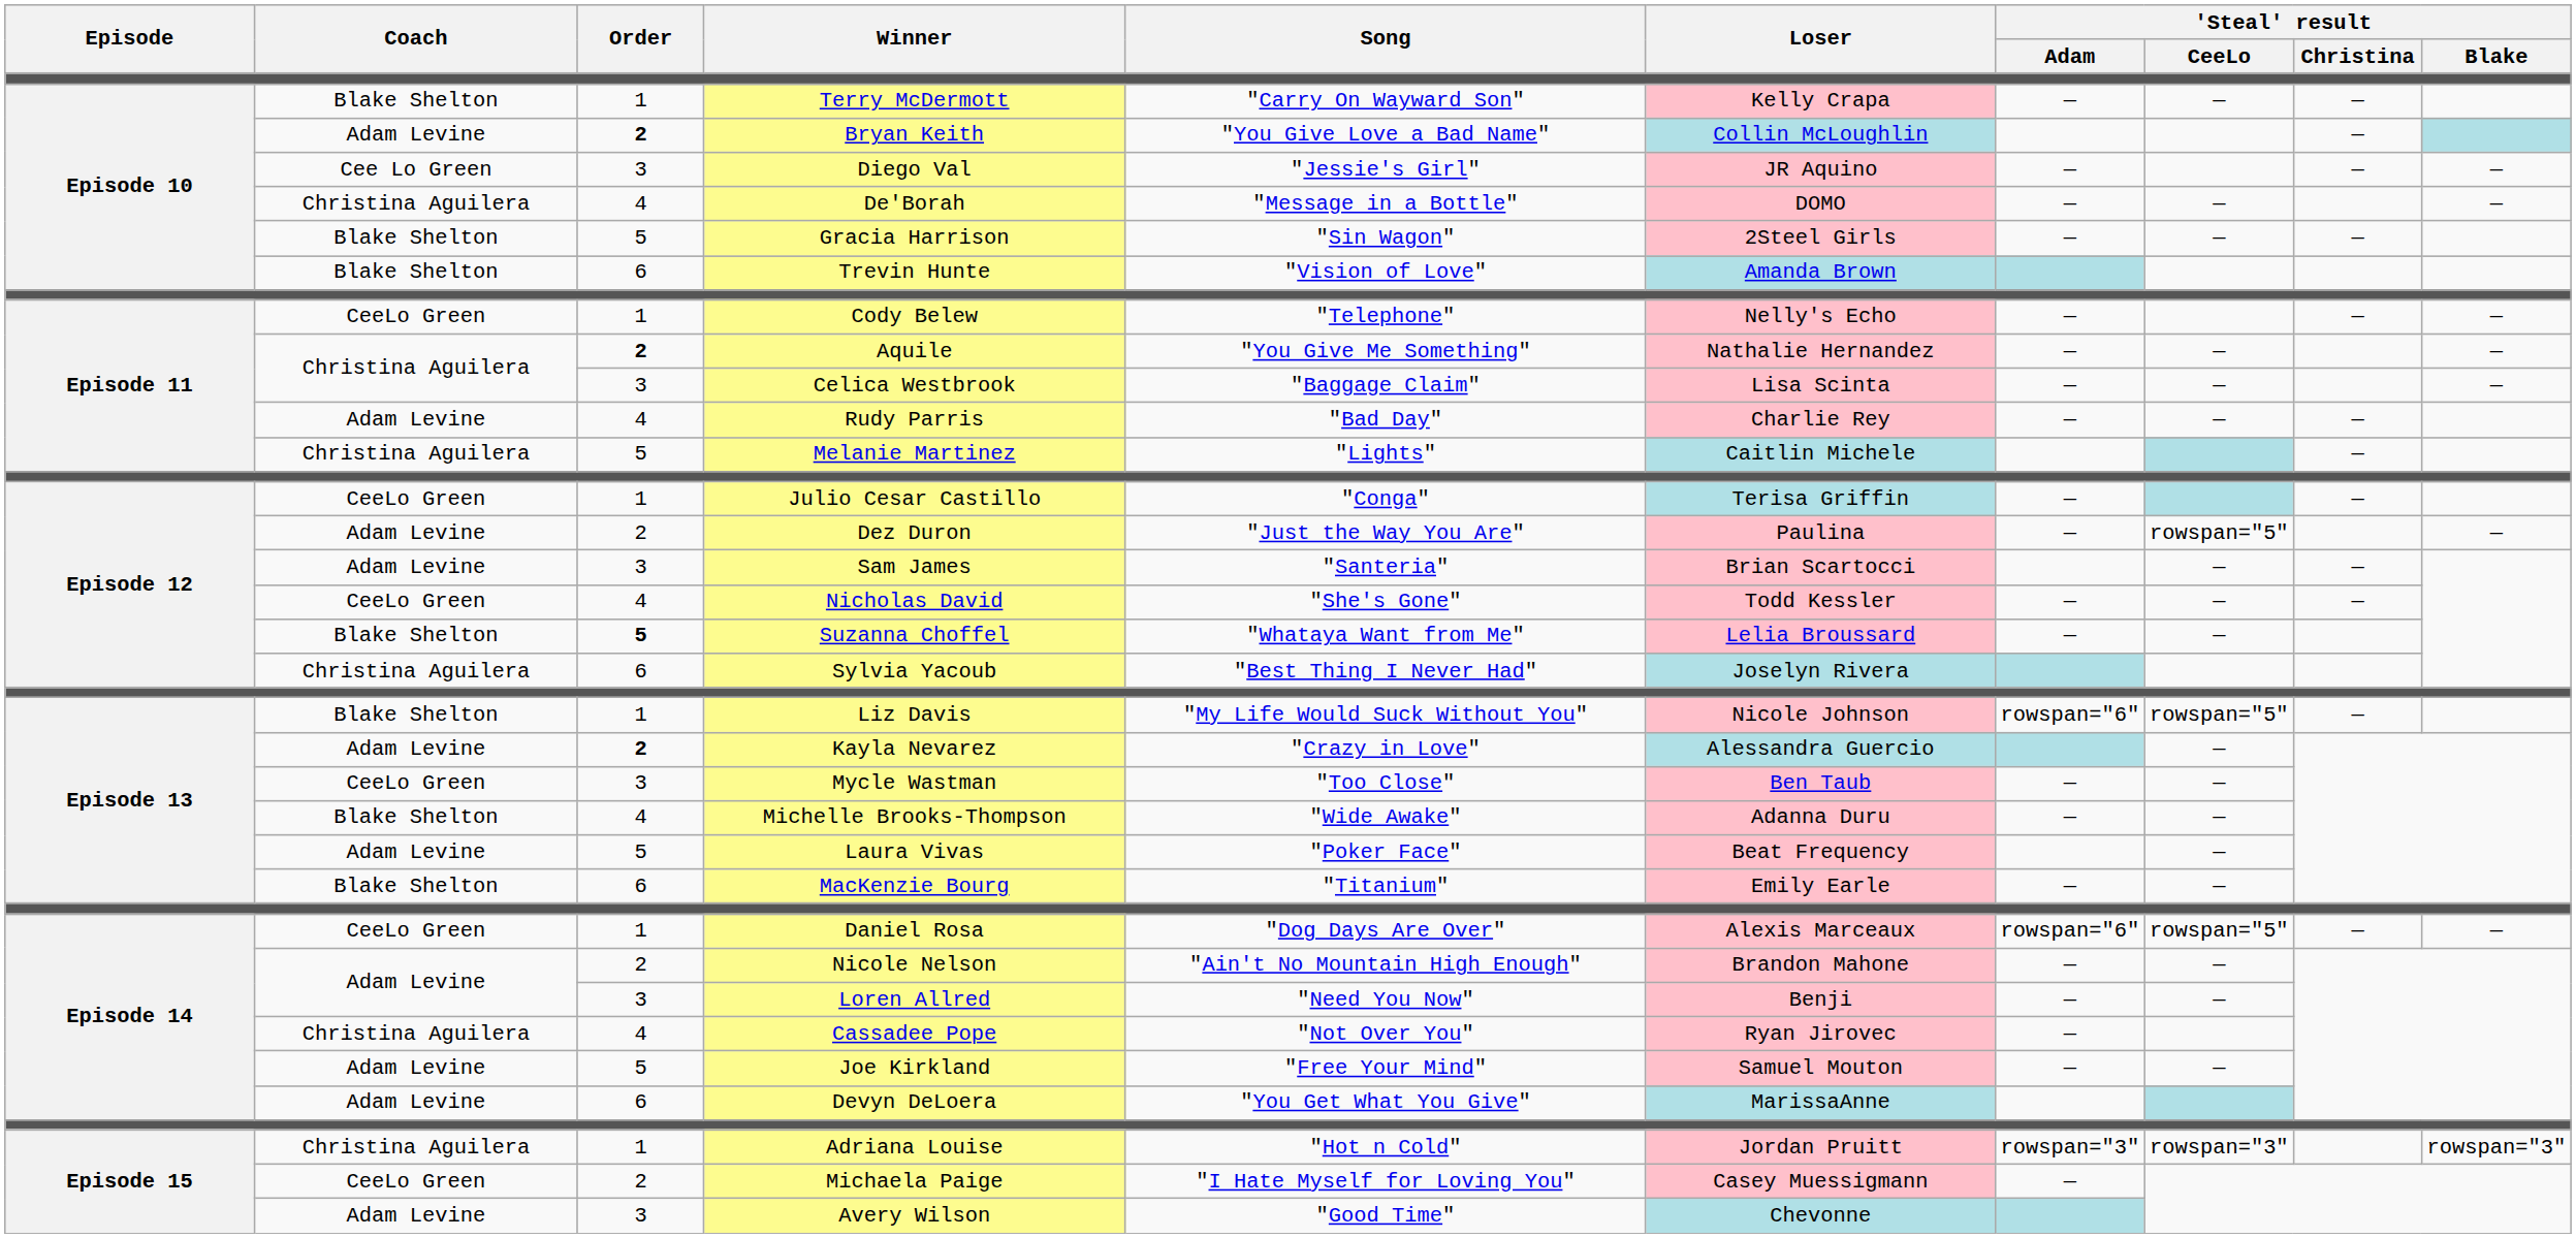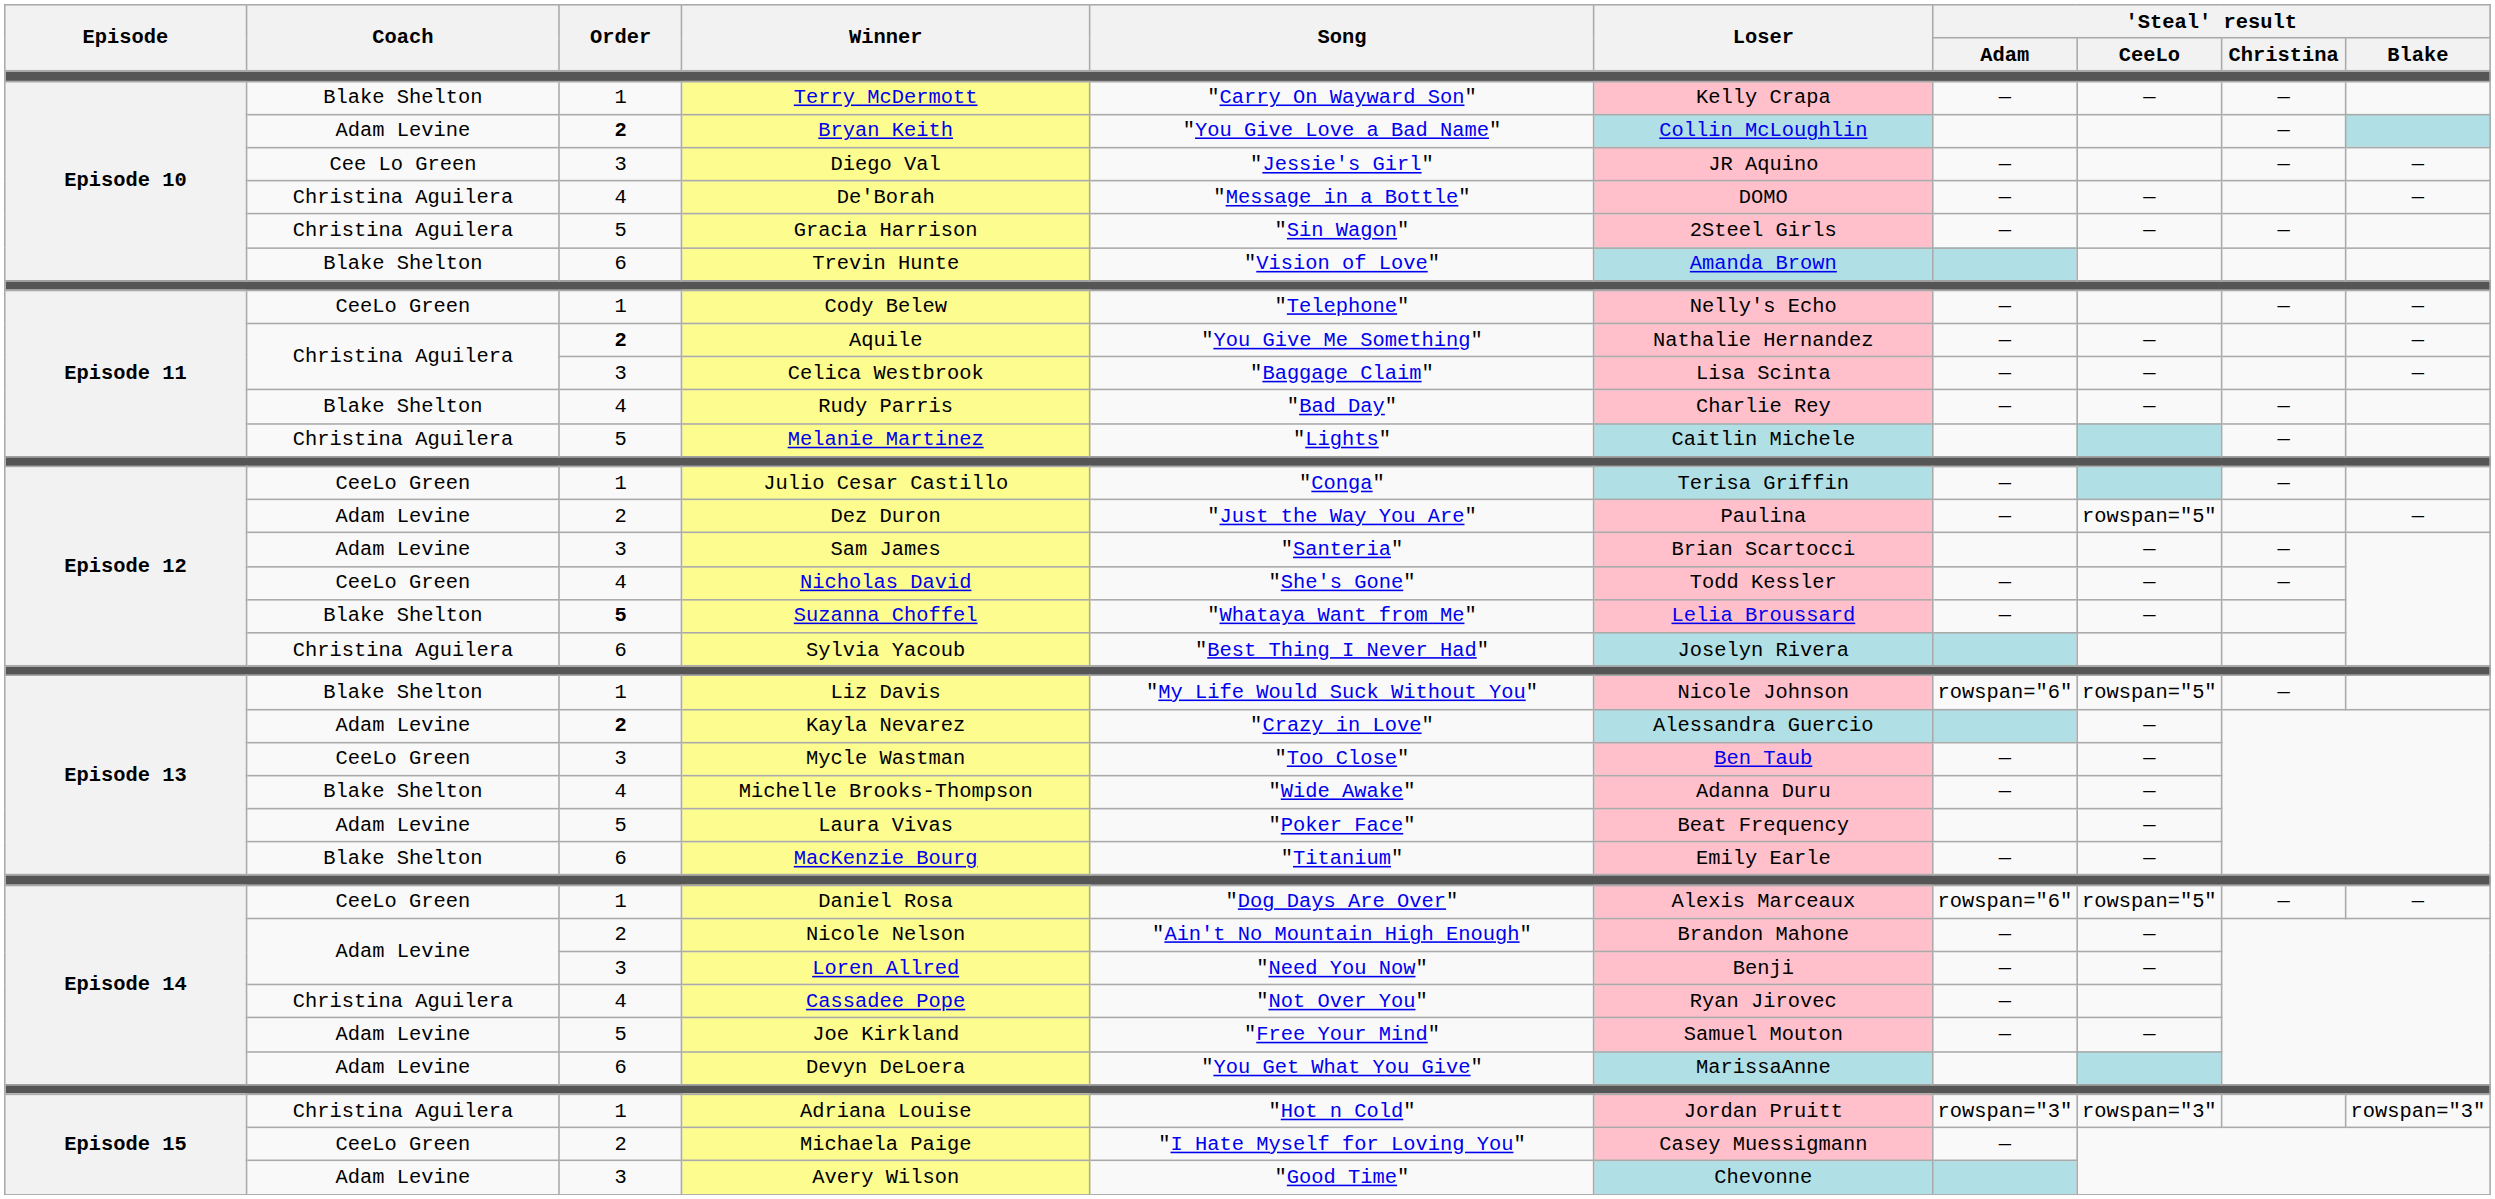 <table class="wikitable" style="text-align: center; width:100%;">
 <tr>
 <th rowspan="2" width="10%">Episode</th>
 <th rowspan="2" width="13%">Coach</th>
 <th rowspan="2" width="05%">Order</th>
 <th rowspan="2" width="17%">Winner</th>
 <th rowspan="2" width="21%">Song</th>
 <th rowspan="2" width="14%">Loser</th>
 <th colspan="4" width="20%">'Steal' result</th>
 </tr>
 <tr>
 <th width="05%">Adam</th>
 <th width="05%">CeeLo</th>
 <th width="05%">Christina</th>
 <th width="05%">Blake</th>
 </tr>
 <tr>
 <td colspan="10" style="background:#555555;"></td>
 </tr>
 <tr>
 <th rowspan="6">Episode 10<br><small></small></th>
 <td>Blake Shelton</td>
 <td>1</td>
 <td style="background:#fdfc8f;"><a href='#'>Terry McDermott</a></td>
 <td>"<a href='#'>Carry On Wayward Son</a>"</td>
 <td style="background:pink">Kelly Crapa</td>
 <td>—</td>
 <td>—</td>
 <td>—</td>
 <td></td>
 </tr>
 <tr>
 <td>Adam Levine</td>
 <td><strong>2</strong></td>
 <td style="background:#fdfc8f;"><a href='#'>Bryan Keith</a></td>
 <td>"<a href='#'>You Give Love a Bad Name</a>"</td>
 <td style="background:#B0E0E6;"><a href='#'>Collin McLoughlin</a></td>
 <td></td>
 <td><strong></strong></td>
 <td>—</td>
 <td style="background:#B0E0E6;"><strong></strong></td>
 </tr>
 <tr>
 <td>Cee Lo Green</td>
 <td>3</td>
 <td style="background:#fdfc8f;">Diego Val</td>
 <td>"<a href='#'>Jessie's Girl</a>"</td>
 <td style="background:pink">JR Aquino</td>
 <td>—</td>
 <td></td>
 <td>—</td>
 <td>—</td>
 </tr>
 <tr>
 <td>Christina Aguilera</td>
 <td>4</td>
 <td style="background:#fdfc8f;">De'Borah</td>
 <td>"<a href='#'>Message in a Bottle</a>"</td>
 <td style="background:pink">DOMO</td>
 <td>—</td>
 <td>—</td>
 <td></td>
 <td>—</td>
 </tr>
 <tr>
-<td>Blake Shelton</td>
+<td>Christina Aguilera</td>
 <td>5</td>
 <td style="background:#fdfc8f;">Gracia Harrison</td>
 <td>"<a href='#'>Sin Wagon</a>"</td>
 <td style="background:pink">2Steel Girls</td>
 <td>—</td>
 <td>—</td>
 <td>—</td>
 <td></td>
 </tr>
 <tr>
 <td>Blake Shelton</td>
 <td>6</td>
 <td style="background:#fdfc8f;">Trevin Hunte</td>
 <td>"<a href='#'>Vision of Love</a>"</td>
 <td style="background:#B0E0E6;"><a href='#'>Amanda Brown</a></td>
 <td style="background:#B0E0E6;"><strong></strong></td>
 <td></td>
 <td><strong></strong></td>
 <td><strong></strong></td>
 </tr>
 <tr>
 <td colspan="10" style="background:#555555;"></td>
 </tr>
 <tr>
 <th rowspan="5">Episode 11<br><small></small></th>
 <td>CeeLo Green</td>
 <td>1</td>
 <td style="background:#fdfc8f;">Cody Belew</td>
 <td>"<a href='#'>Telephone</a>"</td>
 <td style="background:pink">Nelly's Echo</td>
 <td>—</td>
 <td></td>
 <td>—</td>
 <td>—</td>
 </tr>
 <tr>
 <td rowspan="2">Christina Aguilera</td>
 <td><strong>2</strong></td>
 <td style="background:#fdfc8f;">Aquile</td>
 <td>"<a href='#'>You Give Me Something</a>"</td>
 <td style="background:pink">Nathalie Hernandez</td>
 <td>—</td>
 <td>—</td>
 <td></td>
 <td>—</td>
 </tr>
 <tr>
 <td>3</td>
 <td style="background:#fdfc8f;">Celica Westbrook</td>
 <td>"<a href='#'>Baggage Claim</a>"</td>
 <td style="background:pink">Lisa Scinta</td>
 <td>—</td>
 <td>—</td>
 <td></td>
 <td>—</td>
 </tr>
 <tr>
-<td>Adam Levine</td>
+<td>Blake Shelton</td>
 <td>4</td>
 <td style="background:#fdfc8f;">Rudy Parris</td>
 <td>"<a href='#'>Bad Day</a>"</td>
 <td style="background:pink">Charlie Rey</td>
 <td>—</td>
 <td>—</td>
 <td>—</td>
 <td></td>
 </tr>
 <tr>
 <td>Christina Aguilera</td>
 <td>5</td>
 <td style="background:#fdfc8f;"><a href='#'>Melanie Martinez</a></td>
 <td>"<a href='#'>Lights</a>"</td>
 <td style="background:#B0E0E6;">Caitlin Michele</td>
 <td></td>
 <td style="background:#B0E0E6;"><strong></strong></td>
 <td>—</td>
 <td><strong></strong></td>
 </tr>
 <tr>
 <td colspan="10" style="background:#555555;"></td>
 </tr>
 <tr>
 <th rowspan="6">Episode 12<br><small></small></th>
 <td>CeeLo Green</td>
 <td>1</td>
 <td style="background:#fdfc8f;">Julio Cesar Castillo</td>
 <td>"<a href='#'>Conga</a>"</td>
 <td style="background:#B0E0E6;">Terisa Griffin</td>
 <td>—</td>
 <td style="background:#B0E0E6;"><strong></strong></td>
 <td>—</td>
 <td></td>
 </tr>
 <tr>
 <td>Adam Levine</td>
 <td>2</td>
 <td style="background:#fdfc8f;">Dez Duron</td>
 <td>"<a href='#'>Just the Way You Are</a>"</td>
 <td style="background:pink">Paulina</td>
 <td>—</td>
 <td>rowspan="5" </td>
 <td></td>
 <td>—</td>
 </tr>
 <tr>
 <td>Adam Levine</td>
 <td>3</td>
 <td style="background:#fdfc8f;">Sam James</td>
 <td>"<a href='#'>Santeria</a>"</td>
 <td style="background:pink">Brian Scartocci</td>
 <td></td>
 <td>—</td>
 <td>—</td>
 </tr>
 <tr>
 <td>CeeLo Green</td>
 <td>4</td>
 <td style="background:#fdfc8f;"><a href='#'>Nicholas David</a></td>
 <td>"<a href='#'>She's Gone</a>"</td>
 <td style="background:pink">Todd Kessler</td>
 <td>—</td>
 <td>—</td>
 <td>—</td>
 </tr>
 <tr>
 <td>Blake Shelton</td>
 <td><strong>5</strong></td>
 <td style="background:#fdfc8f;"><a href='#'>Suzanna Choffel</a></td>
 <td>"<a href='#'>Whataya Want from Me</a>"</td>
 <td style="background:pink"><a href='#'>Lelia Broussard</a></td>
 <td>—</td>
 <td>—</td>
 <td></td>
 </tr>
 <tr>
 <td>Christina Aguilera</td>
 <td>6</td>
 <td style="background:#fdfc8f;">Sylvia Yacoub</td>
 <td>"<a href='#'>Best Thing I Never Had</a>"</td>
 <td style="background:#B0E0E6;">Joselyn Rivera</td>
 <td style="background:#B0E0E6;"><strong></strong></td>
 <td></td>
 <td><strong></strong></td>
 </tr>
 <tr>
 <td colspan="10" style="background:#555555;"></td>
 </tr>
 <tr>
 <th rowspan="6">Episode 13<br><small></small></th>
 <td>Blake Shelton</td>
 <td>1</td>
 <td style="background:#fdfc8f;">Liz Davis</td>
 <td>"<a href='#'>My Life Would Suck Without You</a>"</td>
 <td style="background:pink">Nicole Johnson</td>
 <td>rowspan="6" </td>
 <td>rowspan="5" </td>
 <td>—</td>
 <td></td>
 </tr>
 <tr>
 <td>Adam Levine</td>
 <td><strong>2</strong></td>
 <td style="background:#fdfc8f;">Kayla Nevarez</td>
 <td>"<a href='#'>Crazy in Love</a>"</td>
 <td style="background:#B0E0E6;">Alessandra Guercio</td>
 <td style="background:#B0E0E6;"><strong></strong></td>
 <td>—</td>
 </tr>
 <tr>
 <td>CeeLo Green</td>
 <td>3</td>
 <td style="background:#fdfc8f;">Mycle Wastman</td>
 <td>"<a href='#'>Too Close</a>"</td>
 <td style="background:pink"><a href='#'>Ben Taub</a></td>
 <td>—</td>
 <td>—</td>
 </tr>
 <tr>
 <td>Blake Shelton</td>
 <td>4</td>
 <td style="background:#fdfc8f;">Michelle Brooks-Thompson</td>
 <td>"<a href='#'>Wide Awake</a>"</td>
 <td style="background:pink">Adanna Duru</td>
 <td>—</td>
 <td>—</td>
 </tr>
 <tr>
 <td>Adam Levine</td>
 <td>5</td>
 <td style="background:#fdfc8f;">Laura Vivas</td>
 <td>"<a href='#'>Poker Face</a>"</td>
 <td style="background:pink">Beat Frequency</td>
 <td></td>
 <td>—</td>
 </tr>
 <tr>
 <td>Blake Shelton</td>
 <td>6</td>
 <td style="background:#fdfc8f;"><a href='#'>MacKenzie Bourg</a></td>
 <td>"<a href='#'>Titanium</a>"</td>
 <td style="background:pink">Emily Earle</td>
 <td>—</td>
 <td>—</td>
 </tr>
 <tr>
 <td colspan="10" style="background:#555555;"></td>
 </tr>
 <tr>
 <th rowspan="6">Episode 14<br><small></small></th>
 <td>CeeLo Green</td>
 <td>1</td>
 <td style="background:#fdfc8f;">Daniel Rosa</td>
 <td>"<a href='#'>Dog Days Are Over</a>"</td>
 <td style="background:pink">Alexis Marceaux</td>
 <td>rowspan="6" </td>
 <td>rowspan="5" </td>
 <td>—</td>
 <td>—</td>
 </tr>
 <tr>
 <td rowspan="2">Adam Levine</td>
 <td>2</td>
 <td style="background:#fdfc8f;">Nicole Nelson</td>
 <td>"<a href='#'>Ain't No Mountain High Enough</a>"</td>
 <td style="background:pink">Brandon Mahone</td>
 <td>—</td>
 <td>—</td>
 </tr>
 <tr>
 <td>3</td>
 <td style="background:#fdfc8f;"><a href='#'>Loren Allred</a></td>
 <td>"<a href='#'>Need You Now</a>"</td>
 <td style="background:pink">Benji</td>
 <td>—</td>
 <td>—</td>
 </tr>
 <tr>
 <td>Christina Aguilera</td>
 <td>4</td>
 <td style="background:#fdfc8f;"><a href='#'>Cassadee Pope</a></td>
 <td>"<a href='#'>Not Over You</a>"</td>
 <td style="background:pink">Ryan Jirovec</td>
 <td>—</td>
 <td></td>
 </tr>
 <tr>
 <td>Adam Levine</td>
 <td>5</td>
 <td style="background:#fdfc8f;">Joe Kirkland</td>
 <td>"<a href='#'>Free Your Mind</a>"</td>
 <td style="background:pink">Samuel Mouton</td>
 <td>—</td>
 <td>—</td>
 </tr>
 <tr>
 <td>Adam Levine</td>
 <td>6</td>
 <td style="background:#fdfc8f;">Devyn DeLoera</td>
 <td>"<a href='#'>You Get What You Give</a>"</td>
 <td style="background:#B0E0E6;">MarissaAnne</td>
 <td></td>
 <td style="background:#B0E0E6;"><strong></strong></td>
 </tr>
 <tr>
 <td colspan="10" style="background:#555555;"></td>
 </tr>
 <tr>
 <th rowspan="3">Episode 15<br><small></small></th>
 <td>Christina Aguilera</td>
 <td>1</td>
 <td style="background:#fdfc8f;">Adriana Louise</td>
 <td>"<a href='#'>Hot n Cold</a>"</td>
 <td style="background:pink">Jordan Pruitt</td>
 <td>rowspan="3" </td>
 <td>rowspan="3" </td>
 <td></td>
 <td>rowspan="3" </td>
 </tr>
 <tr>
 <td>CeeLo Green</td>
 <td>2</td>
 <td style="background:#fdfc8f;">Michaela Paige</td>
 <td>"<a href='#'>I Hate Myself for Loving You</a>"</td>
 <td style="background:pink">Casey Muessigmann</td>
 <td>—</td>
 </tr>
 <tr>
 <td>Adam Levine</td>
 <td>3</td>
 <td style="background:#fdfc8f;">Avery Wilson</td>
 <td>"<a href='#'>Good Time</a>"</td>
 <td style="background:#B0E0E6;">Chevonne</td>
 <td style="background:#B0E0E6;"><strong></strong></td>
 </tr>
 </table>
